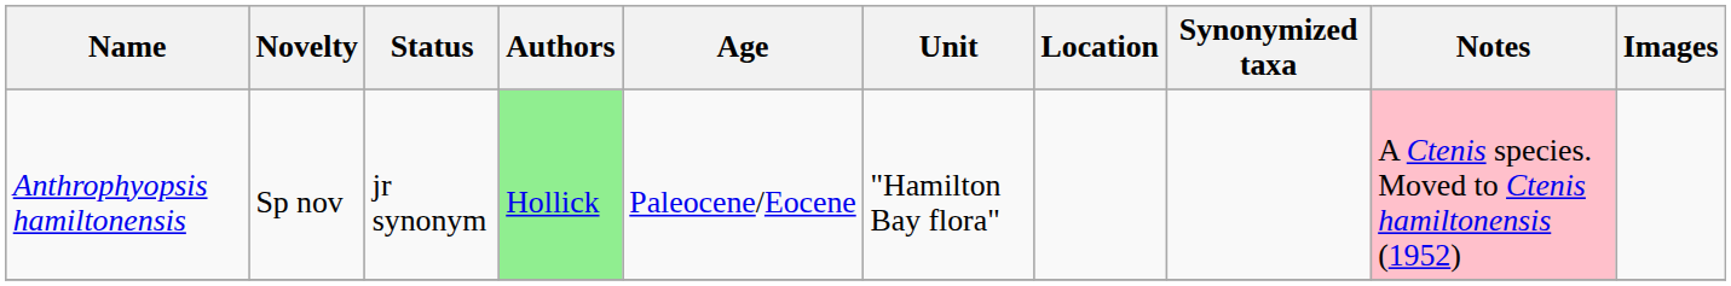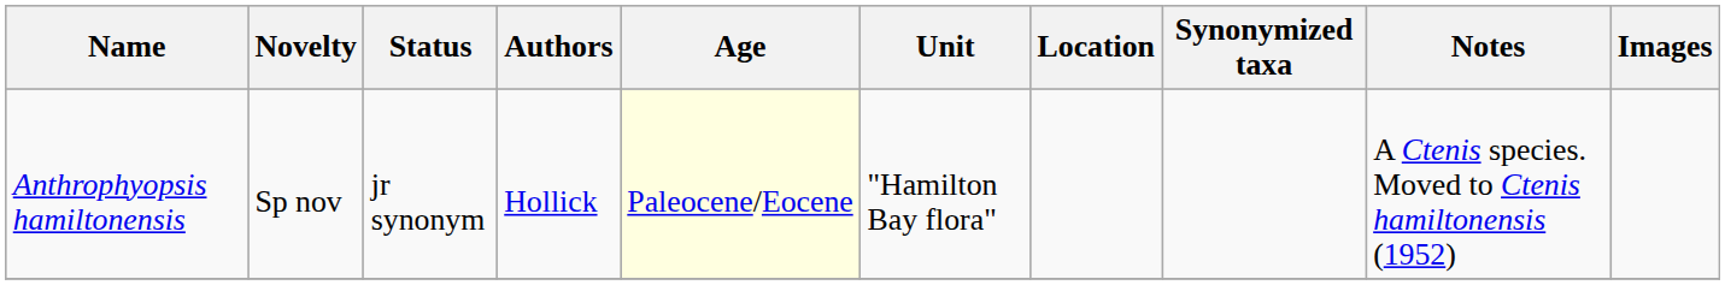 <table class="wikitable sortable" align="center" width="100%">
 <tr>
 <th>Name</th>
 <th>Novelty</th>
 <th>Status</th>
 <th>Authors</th>
 <th>Age</th>
 <th>Unit</th>
 <th>Location</th>
 <th>Synonymized taxa</th>
 <th>Notes</th>
 <th>Images</th>
 </tr>
 <tr>
 <td><br><em><a href='#'>Anthrophyopsis hamiltonensis</a></em></td>
 <td><br>Sp nov</td>
 <td><br>jr synonym</td>
-<td style="background: lightgreen;"><br><a href='#'>Hollick</a></td>
-<td><br><a href='#'>Paleocene</a>/<a href='#'>Eocene</a></td>
+<td><br><a href='#'>Hollick</a></td>
+<td style="background: lightyellow;"><br><a href='#'>Paleocene</a>/<a href='#'>Eocene</a></td>
 <td><br>"Hamilton Bay flora"</td>
 <td><br><br></td>
 <td></td>
-<td style="background: pink;"><br>A <em><a href='#'>Ctenis</a></em> species.<br> Moved to <em><a href='#'>Ctenis hamiltonensis</a></em> (<a href='#'>1952</a>)</td>
+<td><br>A <em><a href='#'>Ctenis</a></em> species.<br> Moved to <em><a href='#'>Ctenis hamiltonensis</a></em> (<a href='#'>1952</a>)</td>
 <td></td>
 </tr>
 <tr>
 </tr>
 </table>
